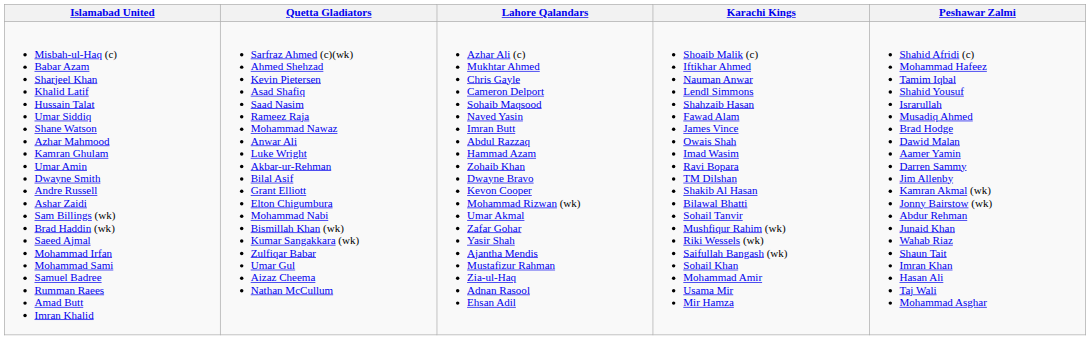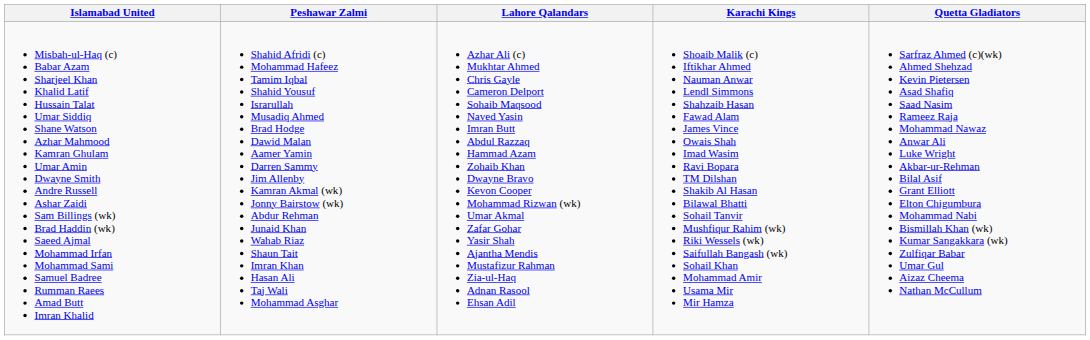 <table class="wikitable">
 <tr>
 <th width=330><a href='#'>Islamabad United</a></th>
-<th width=330><a href='#'>Quetta Gladiators</a></th>
+<th width=330><a href='#'>Peshawar Zalmi</a></th>
 <th width=330><a href='#'>Lahore Qalandars</a></th>
 <th width=330><a href='#'>Karachi Kings</a></th>
-<th width=330><a href='#'>Peshawar Zalmi</a></th>
+<th width=330><a href='#'>Quetta Gladiators</a></th>
 </tr>
 <tr>
 <td valign=top><br><ul><li><a href='#'>Misbah-ul-Haq</a> (c)</li><li><a href='#'>Babar Azam</a></li><li><a href='#'>Sharjeel Khan</a></li><li><a href='#'>Khalid Latif</a></li><li><a href='#'>Hussain Talat</a></li><li><a href='#'>Umar Siddiq</a></li><li><a href='#'>Shane Watson</a></li><li><a href='#'>Azhar Mahmood</a></li><li><a href='#'>Kamran Ghulam</a></li><li><a href='#'>Umar Amin</a></li><li><a href='#'>Dwayne Smith</a></li><li><a href='#'>Andre Russell</a></li><li><a href='#'>Ashar Zaidi</a></li><li><a href='#'>Sam Billings</a> (wk)</li><li><a href='#'>Brad Haddin</a> (wk)</li><li><a href='#'>Saeed Ajmal</a></li><li><a href='#'>Mohammad Irfan</a></li><li><a href='#'>Mohammad Sami</a></li><li><a href='#'>Samuel Badree</a></li><li><a href='#'>Rumman Raees</a></li><li><a href='#'>Amad Butt</a></li><li><a href='#'>Imran Khalid</a></li></ul></td>
-<td valign=top><br><ul><li><a href='#'>Sarfraz Ahmed</a> (c)(wk)</li><li><a href='#'>Ahmed Shehzad</a></li><li><a href='#'>Kevin Pietersen</a></li><li><a href='#'>Asad Shafiq</a></li><li><a href='#'>Saad Nasim</a></li><li><a href='#'>Rameez Raja</a></li><li><a href='#'>Mohammad Nawaz</a></li><li><a href='#'>Anwar Ali</a></li><li><a href='#'>Luke Wright</a></li><li><a href='#'>Akbar-ur-Rehman</a></li><li><a href='#'>Bilal Asif</a></li><li><a href='#'>Grant Elliott</a></li><li><a href='#'>Elton Chigumbura</a></li><li><a href='#'>Mohammad Nabi</a></li><li><a href='#'>Bismillah Khan</a> (wk)</li><li><a href='#'>Kumar Sangakkara</a> (wk)</li><li><a href='#'>Zulfiqar Babar</a></li><li><a href='#'>Umar Gul</a></li><li><a href='#'>Aizaz Cheema</a></li><li><a href='#'>Nathan McCullum</a></li></ul></td>
+<td valign=top><br><ul><li><a href='#'>Shahid Afridi</a> (c)</li><li><a href='#'>Mohammad Hafeez</a></li><li><a href='#'>Tamim Iqbal</a></li><li><a href='#'>Shahid Yousuf</a></li><li><a href='#'>Israrullah</a></li><li><a href='#'>Musadiq Ahmed</a></li><li><a href='#'>Brad Hodge</a></li><li><a href='#'>Dawid Malan</a></li><li><a href='#'>Aamer Yamin</a></li><li><a href='#'>Darren Sammy</a></li><li><a href='#'>Jim Allenby</a></li><li><a href='#'>Kamran Akmal</a> (wk)</li><li><a href='#'>Jonny Bairstow</a> (wk)</li><li><a href='#'>Abdur Rehman</a></li><li><a href='#'>Junaid Khan</a></li><li><a href='#'>Wahab Riaz</a></li><li><a href='#'>Shaun Tait</a></li><li><a href='#'>Imran Khan</a></li><li><a href='#'>Hasan Ali</a></li><li><a href='#'>Taj Wali</a></li><li><a href='#'>Mohammad Asghar</a></li></ul></td>
 <td valign=top><br><ul><li><a href='#'>Azhar Ali</a> (c)</li><li><a href='#'>Mukhtar Ahmed</a></li><li><a href='#'>Chris Gayle</a></li><li><a href='#'>Cameron Delport</a></li><li><a href='#'>Sohaib Maqsood</a></li><li><a href='#'>Naved Yasin</a></li><li><a href='#'>Imran Butt</a></li><li><a href='#'>Abdul Razzaq</a></li><li><a href='#'>Hammad Azam</a></li><li><a href='#'>Zohaib Khan</a></li><li><a href='#'>Dwayne Bravo</a></li><li><a href='#'>Kevon Cooper</a></li><li><a href='#'>Mohammad Rizwan</a> (wk)</li><li><a href='#'>Umar Akmal</a></li><li><a href='#'>Zafar Gohar</a></li><li><a href='#'>Yasir Shah</a></li><li><a href='#'>Ajantha Mendis</a></li><li><a href='#'>Mustafizur Rahman</a></li><li><a href='#'>Zia-ul-Haq</a></li><li><a href='#'>Adnan Rasool</a></li><li><a href='#'>Ehsan Adil</a></li></ul></td>
 <td valign=top><br><ul><li><a href='#'>Shoaib Malik</a> (c)</li><li><a href='#'>Iftikhar Ahmed</a></li><li><a href='#'>Nauman Anwar</a></li><li><a href='#'>Lendl Simmons</a></li><li><a href='#'>Shahzaib Hasan</a></li><li><a href='#'>Fawad Alam</a></li><li><a href='#'>James Vince</a></li><li><a href='#'>Owais Shah</a></li><li><a href='#'>Imad Wasim</a></li><li><a href='#'>Ravi Bopara</a></li><li><a href='#'>TM Dilshan</a></li><li><a href='#'>Shakib Al Hasan</a></li><li><a href='#'>Bilawal Bhatti</a></li><li><a href='#'>Sohail Tanvir</a></li><li><a href='#'>Mushfiqur Rahim</a> (wk)</li><li><a href='#'>Riki Wessels</a> (wk)</li><li><a href='#'>Saifullah Bangash</a> (wk)</li><li><a href='#'>Sohail Khan</a></li><li><a href='#'>Mohammad Amir</a></li><li><a href='#'>Usama Mir</a></li><li><a href='#'>Mir Hamza</a></li></ul></td>
-<td valign=top><br><ul><li><a href='#'>Shahid Afridi</a> (c)</li><li><a href='#'>Mohammad Hafeez</a></li><li><a href='#'>Tamim Iqbal</a></li><li><a href='#'>Shahid Yousuf</a></li><li><a href='#'>Israrullah</a></li><li><a href='#'>Musadiq Ahmed</a></li><li><a href='#'>Brad Hodge</a></li><li><a href='#'>Dawid Malan</a></li><li><a href='#'>Aamer Yamin</a></li><li><a href='#'>Darren Sammy</a></li><li><a href='#'>Jim Allenby</a></li><li><a href='#'>Kamran Akmal</a> (wk)</li><li><a href='#'>Jonny Bairstow</a> (wk)</li><li><a href='#'>Abdur Rehman</a></li><li><a href='#'>Junaid Khan</a></li><li><a href='#'>Wahab Riaz</a></li><li><a href='#'>Shaun Tait</a></li><li><a href='#'>Imran Khan</a></li><li><a href='#'>Hasan Ali</a></li><li><a href='#'>Taj Wali</a></li><li><a href='#'>Mohammad Asghar</a></li></ul></td>
+<td valign=top><br><ul><li><a href='#'>Sarfraz Ahmed</a> (c)(wk)</li><li><a href='#'>Ahmed Shehzad</a></li><li><a href='#'>Kevin Pietersen</a></li><li><a href='#'>Asad Shafiq</a></li><li><a href='#'>Saad Nasim</a></li><li><a href='#'>Rameez Raja</a></li><li><a href='#'>Mohammad Nawaz</a></li><li><a href='#'>Anwar Ali</a></li><li><a href='#'>Luke Wright</a></li><li><a href='#'>Akbar-ur-Rehman</a></li><li><a href='#'>Bilal Asif</a></li><li><a href='#'>Grant Elliott</a></li><li><a href='#'>Elton Chigumbura</a></li><li><a href='#'>Mohammad Nabi</a></li><li><a href='#'>Bismillah Khan</a> (wk)</li><li><a href='#'>Kumar Sangakkara</a> (wk)</li><li><a href='#'>Zulfiqar Babar</a></li><li><a href='#'>Umar Gul</a></li><li><a href='#'>Aizaz Cheema</a></li><li><a href='#'>Nathan McCullum</a></li></ul></td>
 </tr>
 </table>
